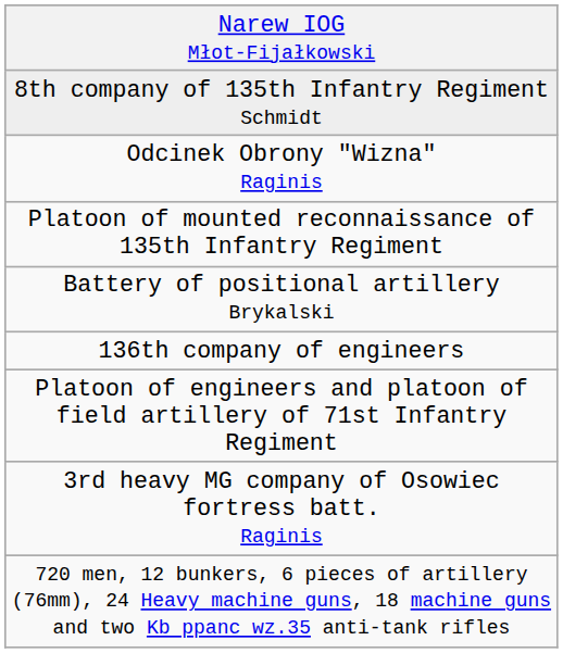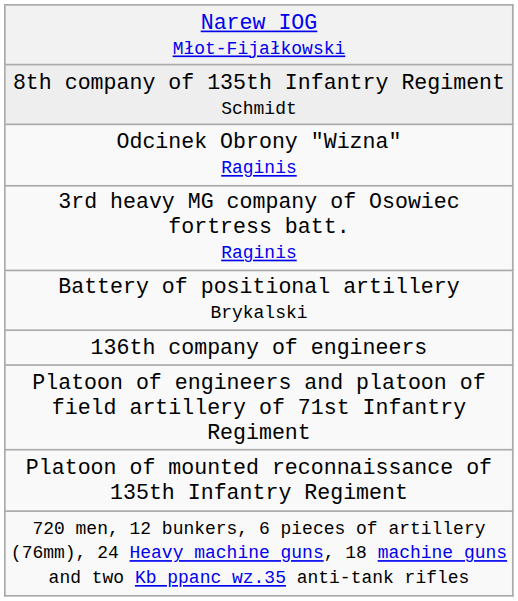 <table class="wikitable" style="text-align:center; border:1px solid #ccc;">
 <tr style="vertical-align:top; background:#ccc;">
 <th style="width:300px; font-weight:normal;"><a href='#'>Narew IOG</a> <br><small><a href='#'>Młot-Fijałkowski</a></small></th>
 </tr>
 <tr style="vertical-align:top; background:#eee;">
 <td>8th company of 135th Infantry Regiment<br><small>Schmidt</small></td>
 </tr>
 <tr>
 <td>Odcinek Obrony "Wizna"<br><small><a href='#'>Raginis</a></small></td>
 </tr>
 <tr>
-<td>Platoon of mounted reconnaissance of 135th Infantry Regiment</td>
+<td>3rd heavy MG company of Osowiec fortress batt.<br><small><a href='#'>Raginis</a></small></td>
 </tr>
 <tr>
 <td>Battery of positional artillery <br><small>Brykalski</small></td>
 </tr>
 <tr>
 <td>136th company of engineers</td>
 </tr>
 <tr>
 <td>Platoon of engineers and platoon of field artillery of 71st Infantry Regiment</td>
 </tr>
 <tr>
-<td>3rd heavy MG company of Osowiec fortress batt.<br><small><a href='#'>Raginis</a></small></td>
+<td>Platoon of mounted reconnaissance of 135th Infantry Regiment</td>
 </tr>
 <tr style="border-bottom:1px solid gray;">
 <td><small>720 men, 12 bunkers, 6 pieces of artillery (76mm), 24 <a href='#'>Heavy machine guns</a>, 18 <a href='#'>machine guns</a> and two <a href='#'>Kb ppanc wz.35</a> anti-tank rifles</small></td>
 </tr>
 </table>
